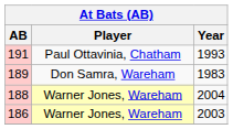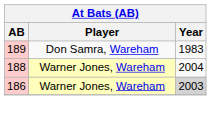 <table class="wikitable" style="display: inline-table; margin-right: 20px; text-align:center">
 <tr>
 <th colspan="3"><a href='#'>At Bats (AB)</a></th>
 </tr>
 <tr>
 <th scope="col" style="width: 25px;">AB</th>
 <th scope="col" style="width: 200px;">Player</th>
 <th scope="col" style="width: 25px;">Year</th>
-</tr>
-<tr>
-<td bgcolor=#ffcccc>191</td>
-<td>Paul Ottavinia, <a href='#'>Chatham</a></td>
-<td>1993</td>
 </tr>
 <tr>
 <td bgcolor=#ffcccc>189</td>
 <td>Don Samra, <a href='#'>Wareham</a></td>
 <td>1983</td>
 </tr>
 <tr>
 <td bgcolor=#ffcccc>188</td>
 <td !scope="row" style="background:#ffb;">Warner Jones, <a href='#'>Wareham</a></td>
 <td>2004</td>
 </tr>
 <tr>
 <td bgcolor=#ffcccc>186</td>
 <td !scope="row" style="background:#ffb;">Warner Jones, <a href='#'>Wareham</a></td>
-<td>2003</td>
+<td style="background: lightgrey;">2003</td>
 </tr>
 <tr>
 </tr>
 </table>
